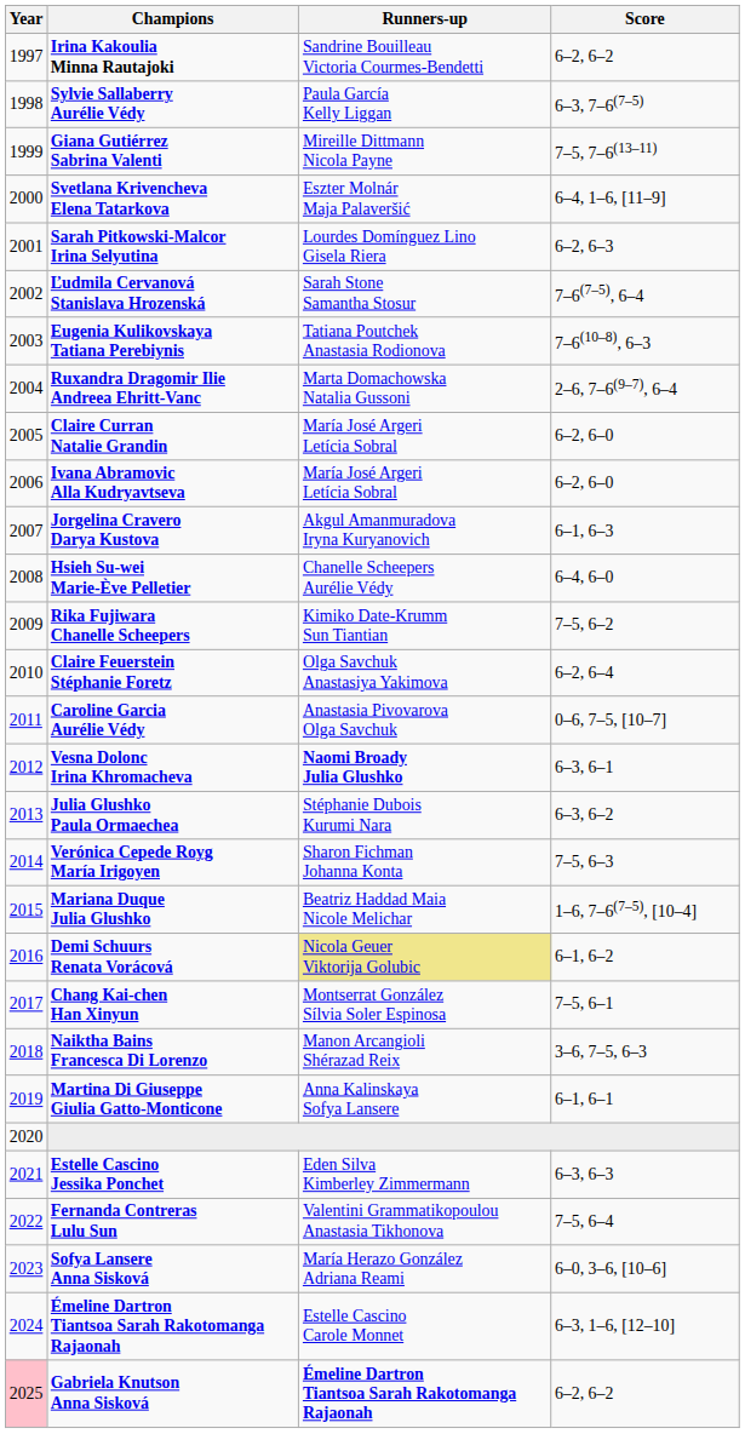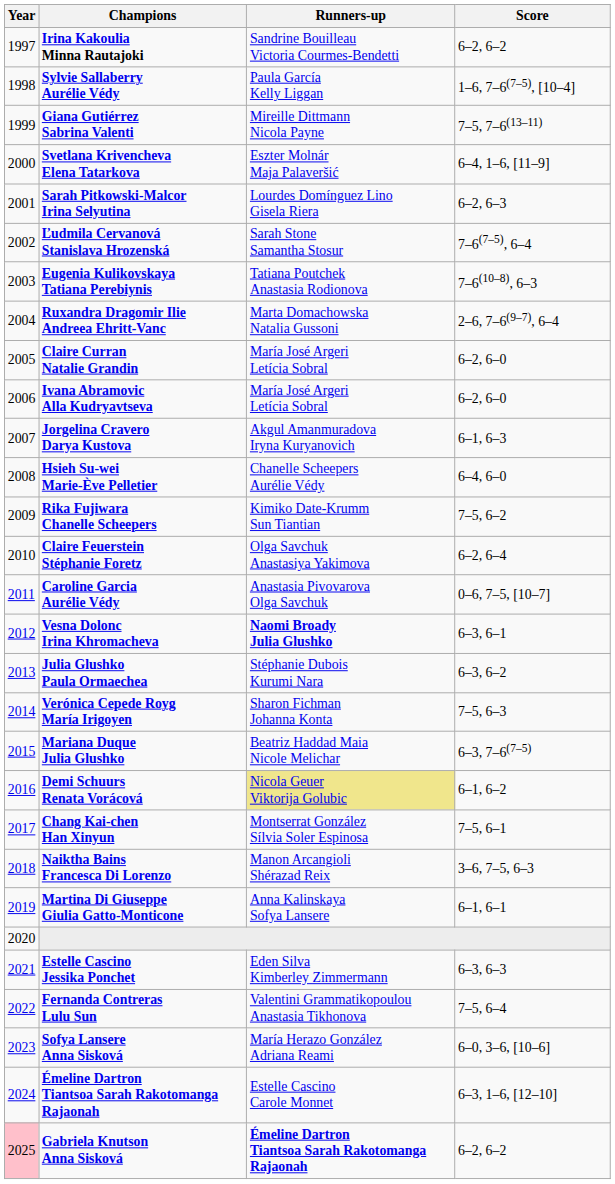 <table class="wikitable" style="font-size:90%">
 <tr>
 <th>Year</th>
 <th width="210">Champions</th>
 <th width="210">Runners-up</th>
 <th width="155">Score</th>
 </tr>
 <tr>
 <td>1997</td>
 <td> <strong><a href='#'>Irina Kakoulia</a> <br>  Minna Rautajoki</strong></td>
 <td> <a href='#'>Sandrine Bouilleau</a> <br>  <a href='#'>Victoria Courmes-Bendetti</a></td>
 <td>6–2, 6–2</td>
 </tr>
 <tr>
 <td>1998</td>
 <td> <strong><a href='#'>Sylvie Sallaberry</a> <br>  <a href='#'>Aurélie Védy</a></strong></td>
 <td> <a href='#'>Paula García</a> <br>  <a href='#'>Kelly Liggan</a></td>
-<td>6–3, 7–6<sup>(7–5)</sup></td>
+<td>1–6, 7–6<sup>(7–5)</sup>, [10–4]</td>
 </tr>
 <tr>
 <td>1999</td>
 <td> <strong><a href='#'>Giana Gutiérrez</a> <br>  <a href='#'>Sabrina Valenti</a></strong></td>
 <td> <a href='#'>Mireille Dittmann</a> <br>  <a href='#'>Nicola Payne</a></td>
 <td>7–5, 7–6<sup>(13–11)</sup></td>
 </tr>
 <tr>
 <td>2000</td>
 <td> <strong><a href='#'>Svetlana Krivencheva</a> <br>  <a href='#'>Elena Tatarkova</a></strong></td>
 <td> <a href='#'>Eszter Molnár</a> <br>  <a href='#'>Maja Palaveršić</a></td>
 <td>6–4, 1–6, [11–9]</td>
 </tr>
 <tr>
 <td>2001</td>
 <td> <strong><a href='#'>Sarah Pitkowski-Malcor</a> <br>  <a href='#'>Irina Selyutina</a></strong></td>
 <td> <a href='#'>Lourdes Domínguez Lino</a> <br>  <a href='#'>Gisela Riera</a></td>
 <td>6–2, 6–3</td>
 </tr>
 <tr>
 <td>2002</td>
 <td> <strong><a href='#'>Ľudmila Cervanová</a> <br>  <a href='#'>Stanislava Hrozenská</a></strong></td>
 <td> <a href='#'>Sarah Stone</a> <br>  <a href='#'>Samantha Stosur</a></td>
 <td>7–6<sup>(7–5)</sup>, 6–4</td>
 </tr>
 <tr>
 <td>2003</td>
 <td> <strong><a href='#'>Eugenia Kulikovskaya</a> <br>  <a href='#'>Tatiana Perebiynis</a></strong></td>
 <td> <a href='#'>Tatiana Poutchek</a> <br>  <a href='#'>Anastasia Rodionova</a></td>
 <td>7–6<sup>(10–8)</sup>, 6–3</td>
 </tr>
 <tr>
 <td>2004</td>
 <td> <strong><a href='#'>Ruxandra Dragomir Ilie</a> <br>  <a href='#'>Andreea Ehritt-Vanc</a></strong></td>
 <td> <a href='#'>Marta Domachowska</a> <br>  <a href='#'>Natalia Gussoni</a></td>
 <td>2–6, 7–6<sup>(9–7)</sup>, 6–4</td>
 </tr>
 <tr>
 <td>2005</td>
 <td> <strong><a href='#'>Claire Curran</a> <br>  <a href='#'>Natalie Grandin</a></strong></td>
 <td> <a href='#'>María José Argeri</a> <br>  <a href='#'>Letícia Sobral</a></td>
 <td>6–2, 6–0</td>
 </tr>
 <tr>
 <td>2006</td>
 <td> <strong><a href='#'>Ivana Abramovic</a> <br>  <a href='#'>Alla Kudryavtseva</a></strong></td>
 <td> <a href='#'>María José Argeri</a> <br>  <a href='#'>Letícia Sobral</a></td>
 <td>6–2, 6–0</td>
 </tr>
 <tr>
 <td>2007</td>
 <td> <strong><a href='#'>Jorgelina Cravero</a> <br>  <a href='#'>Darya Kustova</a></strong></td>
 <td> <a href='#'>Akgul Amanmuradova</a> <br>  <a href='#'>Iryna Kuryanovich</a></td>
 <td>6–1, 6–3</td>
 </tr>
 <tr>
 <td>2008</td>
 <td> <strong><a href='#'>Hsieh Su-wei</a> <br>  <a href='#'>Marie-Ève Pelletier</a></strong></td>
 <td> <a href='#'>Chanelle Scheepers</a> <br>  <a href='#'>Aurélie Védy</a></td>
 <td>6–4, 6–0</td>
 </tr>
 <tr>
 <td>2009</td>
 <td> <strong><a href='#'>Rika Fujiwara</a> <br>  <a href='#'>Chanelle Scheepers</a></strong></td>
 <td> <a href='#'>Kimiko Date-Krumm</a> <br>  <a href='#'>Sun Tiantian</a></td>
 <td>7–5, 6–2</td>
 </tr>
 <tr>
 <td>2010</td>
 <td> <strong><a href='#'>Claire Feuerstein</a> <br>  <a href='#'>Stéphanie Foretz</a></strong></td>
 <td> <a href='#'>Olga Savchuk</a> <br>  <a href='#'>Anastasiya Yakimova</a></td>
 <td>6–2, 6–4</td>
 </tr>
 <tr>
 <td><a href='#'>2011</a></td>
 <td> <strong><a href='#'>Caroline Garcia</a> <br>  <a href='#'>Aurélie Védy</a></strong></td>
 <td> <a href='#'>Anastasia Pivovarova</a> <br>  <a href='#'>Olga Savchuk</a></td>
 <td>0–6, 7–5, [10–7]</td>
 </tr>
 <tr>
 <td><a href='#'>2012</a></td>
 <td> <strong><a href='#'>Vesna Dolonc</a> <br>  <a href='#'>Irina Khromacheva</a></strong></td>
 <td><strong> <a href='#'>Naomi Broady</a> <br>  <a href='#'>Julia Glushko</a></strong></td>
 <td>6–3, 6–1</td>
 </tr>
 <tr>
 <td><a href='#'>2013</a></td>
 <td> <strong><a href='#'>Julia Glushko</a> <br>  <a href='#'>Paula Ormaechea</a></strong></td>
 <td> <a href='#'>Stéphanie Dubois</a> <br>  <a href='#'>Kurumi Nara</a></td>
 <td>6–3, 6–2</td>
 </tr>
 <tr>
 <td><a href='#'>2014</a></td>
 <td> <strong><a href='#'>Verónica Cepede Royg</a> <br>  <a href='#'>María Irigoyen</a></strong></td>
 <td> <a href='#'>Sharon Fichman</a> <br>  <a href='#'>Johanna Konta</a></td>
 <td>7–5, 6–3</td>
 </tr>
 <tr>
 <td><a href='#'>2015</a></td>
 <td> <strong><a href='#'>Mariana Duque</a> <br>  <a href='#'>Julia Glushko</a></strong></td>
 <td> <a href='#'>Beatriz Haddad Maia</a> <br>  <a href='#'>Nicole Melichar</a></td>
-<td>1–6, 7–6<sup>(7–5)</sup>, [10–4]</td>
+<td>6–3, 7–6<sup>(7–5)</sup></td>
 </tr>
 <tr>
 <td><a href='#'>2016</a></td>
 <td> <strong><a href='#'>Demi Schuurs</a> <br>  <a href='#'>Renata Vorácová</a></strong></td>
 <td style="background: khaki;"> <a href='#'>Nicola Geuer</a> <br>  <a href='#'>Viktorija Golubic</a></td>
 <td>6–1, 6–2</td>
 </tr>
 <tr>
 <td><a href='#'>2017</a></td>
 <td> <strong><a href='#'>Chang Kai-chen</a> <br>  <a href='#'>Han Xinyun</a></strong></td>
 <td> <a href='#'>Montserrat González</a> <br>  <a href='#'>Sílvia Soler Espinosa</a></td>
 <td>7–5, 6–1</td>
 </tr>
 <tr>
 <td><a href='#'>2018</a></td>
 <td> <strong><a href='#'>Naiktha Bains</a> <br>  <a href='#'>Francesca Di Lorenzo</a></strong></td>
 <td> <a href='#'>Manon Arcangioli</a> <br>  <a href='#'>Shérazad Reix</a></td>
 <td>3–6, 7–5, 6–3</td>
 </tr>
 <tr>
 <td><a href='#'>2019</a></td>
 <td> <strong><a href='#'>Martina Di Giuseppe</a> <br>  <a href='#'>Giulia Gatto-Monticone</a></strong></td>
 <td> <a href='#'>Anna Kalinskaya</a> <br>  <a href='#'>Sofya Lansere</a></td>
 <td>6–1, 6–1</td>
 </tr>
 <tr>
 <td>2020</td>
 <td colspan=3 bgcolor="#ededed"></td>
 </tr>
 <tr>
 <td><a href='#'>2021</a></td>
 <td> <strong><a href='#'>Estelle Cascino</a> <br>  <a href='#'>Jessika Ponchet</a></strong></td>
 <td> <a href='#'>Eden Silva</a> <br>  <a href='#'>Kimberley Zimmermann</a></td>
 <td>6–3, 6–3</td>
 </tr>
 <tr>
 <td><a href='#'>2022</a></td>
 <td> <strong><a href='#'>Fernanda Contreras</a> <br>  <a href='#'>Lulu Sun</a></strong></td>
 <td> <a href='#'>Valentini Grammatikopoulou</a> <br>  <a href='#'>Anastasia Tikhonova</a></td>
 <td>7–5, 6–4</td>
 </tr>
 <tr>
 <td><a href='#'>2023</a></td>
 <td> <strong><a href='#'>Sofya Lansere</a> <br>  <a href='#'>Anna Sisková</a></strong></td>
 <td> <a href='#'>María Herazo González</a> <br>  <a href='#'>Adriana Reami</a></td>
 <td>6–0, 3–6, [10–6]</td>
 </tr>
 <tr>
 <td><a href='#'>2024</a></td>
 <td> <strong><a href='#'>Émeline Dartron</a> <br>  <a href='#'>Tiantsoa Sarah Rakotomanga Rajaonah</a></strong></td>
 <td> <a href='#'>Estelle Cascino</a> <br>  <a href='#'>Carole Monnet</a></td>
 <td>6–3, 1–6, [12–10]</td>
 </tr>
 <tr>
 <td style="background: pink;">2025</td>
 <td> <strong><a href='#'>Gabriela Knutson</a> <br>  <a href='#'>Anna Sisková</a></strong></td>
 <td><strong> <a href='#'>Émeline Dartron</a> <br>  <a href='#'>Tiantsoa Sarah Rakotomanga Rajaonah</a></strong></td>
 <td>6–2, 6–2</td>
 </tr>
 </table>
